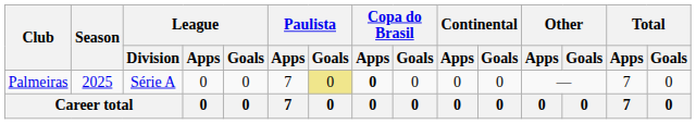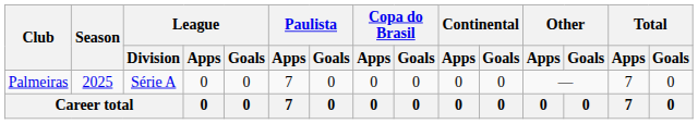 <table class="wikitable" style="text-align: center;">
 <tr>
 <th rowspan="2">Club</th>
 <th rowspan="2">Season</th>
 <th colspan="3">League</th>
 <th colspan="2"><a href='#'>Paulista</a></th>
 <th colspan="2"><a href='#'>Copa do Brasil</a></th>
 <th colspan="2">Continental</th>
 <th colspan="2">Other</th>
 <th colspan="2">Total</th>
 </tr>
 <tr>
 <th>Division</th>
 <th>Apps</th>
 <th>Goals</th>
 <th>Apps</th>
 <th>Goals</th>
 <th>Apps</th>
 <th>Goals</th>
 <th>Apps</th>
 <th>Goals</th>
 <th>Apps</th>
 <th>Goals</th>
 <th>Apps</th>
 <th>Goals</th>
 </tr>
 <tr>
 <td rowspan="1"><a href='#'>Palmeiras</a></td>
 <td><a href='#'>2025</a></td>
 <td rowspan="1"><a href='#'>Série A</a></td>
 <td>0</td>
 <td>0</td>
 <td>7</td>
-<td style="background: khaki;">0</td>
-<td><strong>0</strong></td>
+<td>0</td>
+<td>0</td>
 <td>0</td>
 <td>0</td>
 <td>0</td>
 <td colspan="2">—</td>
 <td>7</td>
 <td>0</td>
 </tr>
 <tr>
 <th colspan="3">Career total</th>
 <th>0</th>
 <th>0</th>
 <th>7</th>
 <th>0</th>
 <th>0</th>
 <th>0</th>
 <th>0</th>
 <th>0</th>
 <th>0</th>
 <th>0</th>
 <th>7</th>
 <th>0</th>
 </tr>
 </table>
